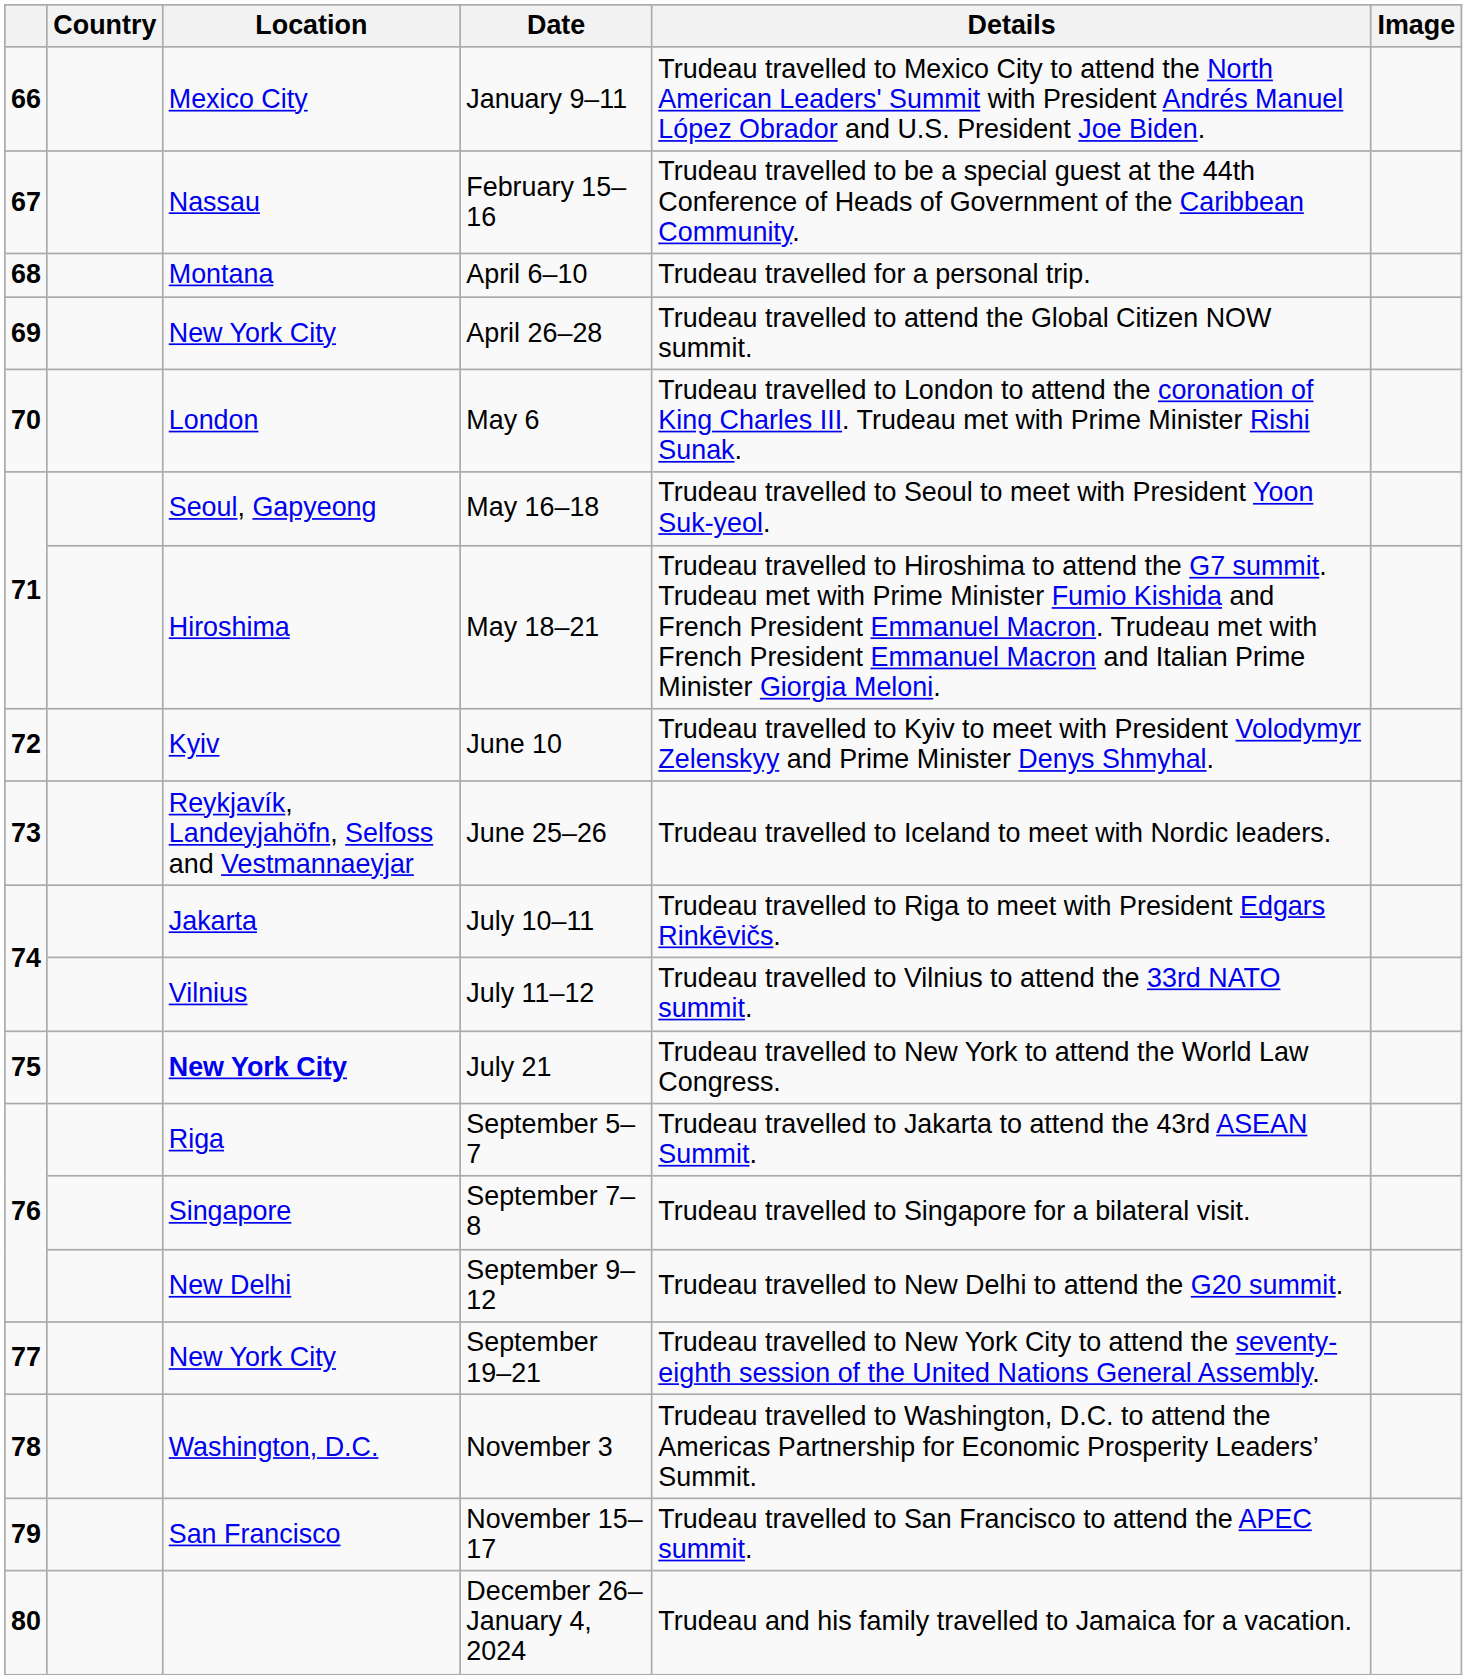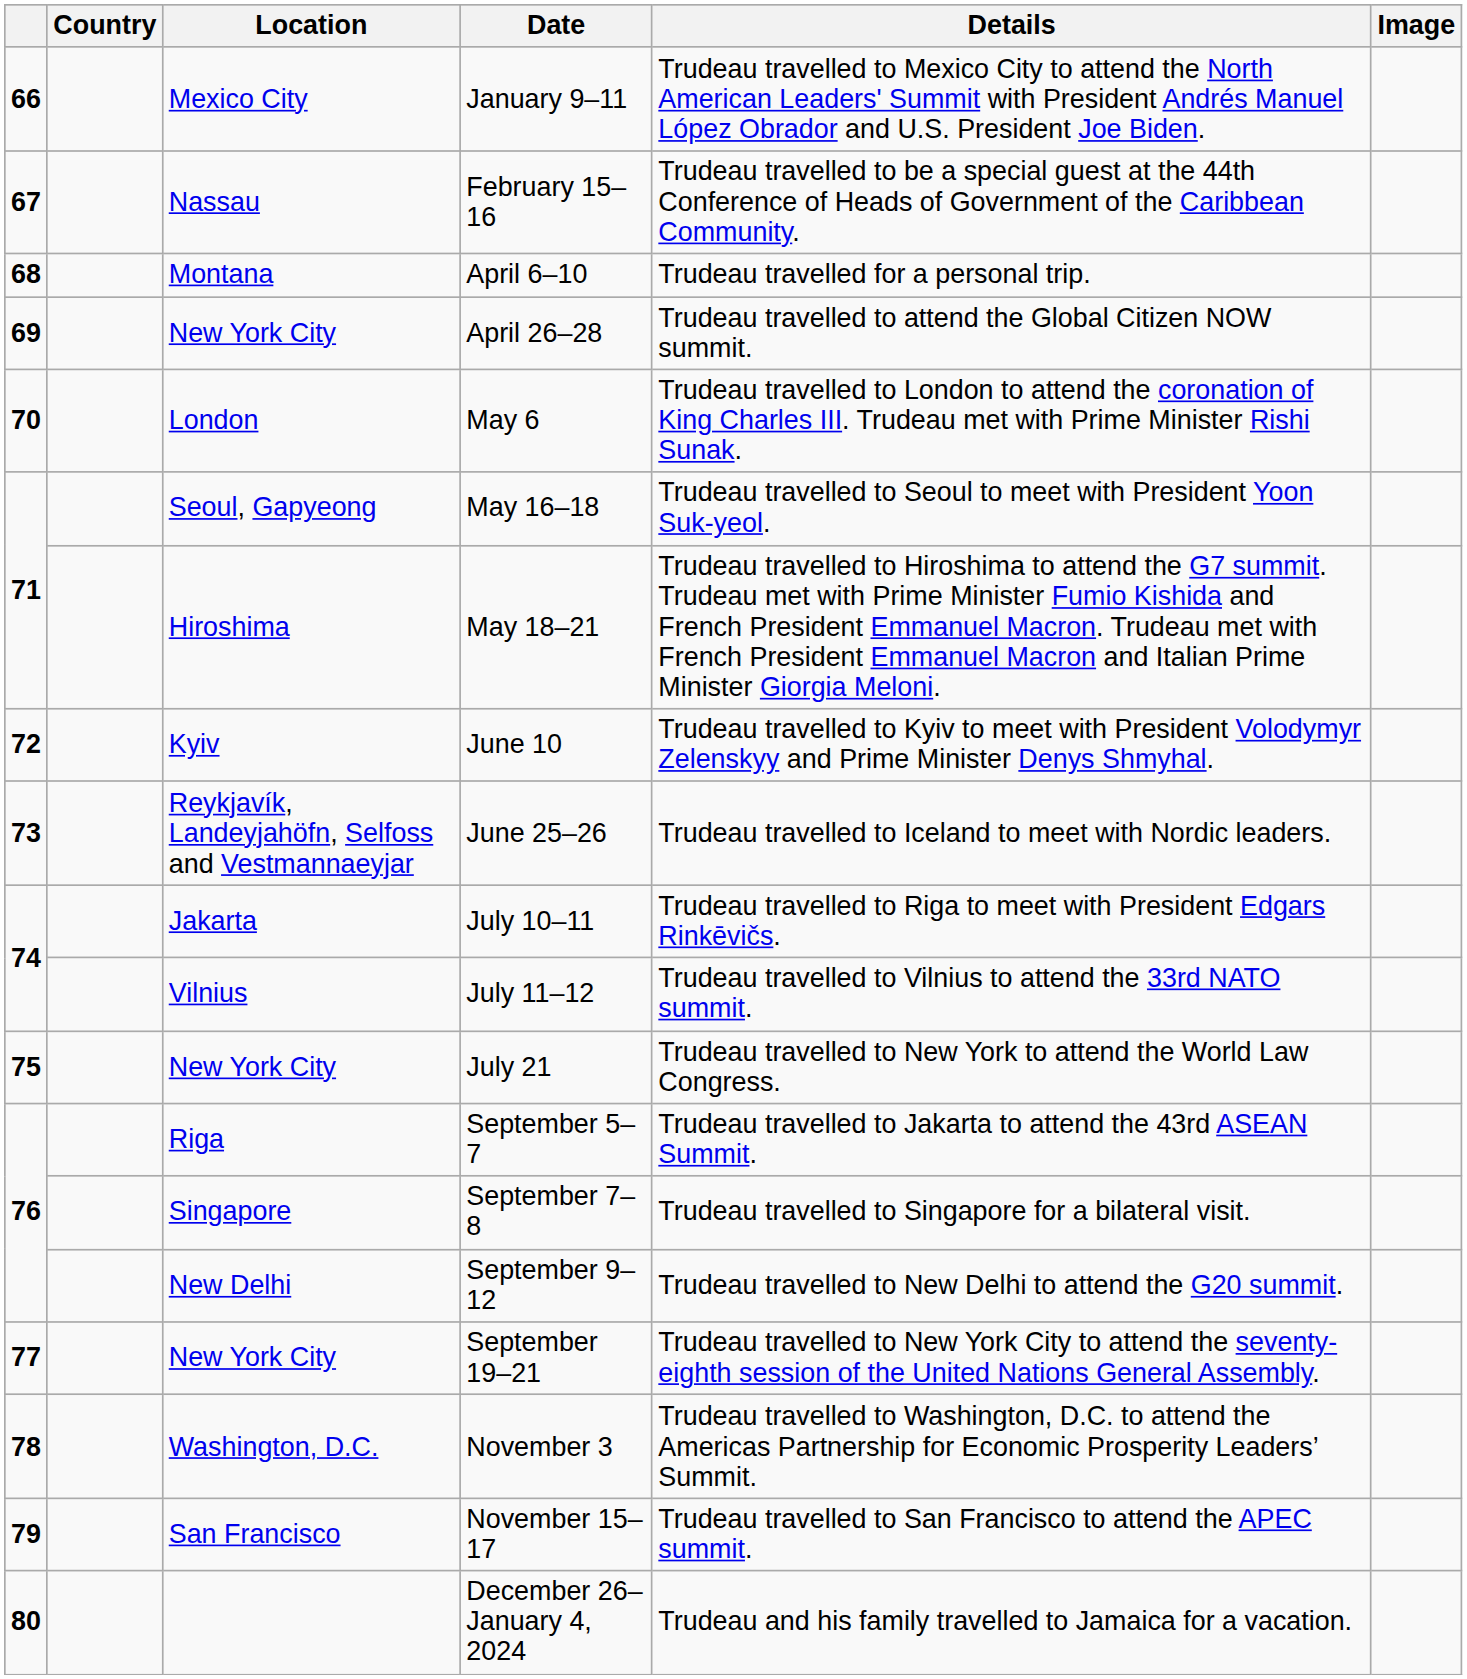 <table class="wikitable sortable">
 <tr>
 <th></th>
 <th>Country</th>
 <th>Location</th>
 <th>Date</th>
 <th>Details</th>
 <th>Image</th>
 </tr>
 <tr>
 <td><strong>66</strong></td>
 <td></td>
 <td><a href='#'>Mexico City</a></td>
 <td>January 9–11</td>
 <td>Trudeau travelled to Mexico City to attend the <a href='#'>North American Leaders' Summit</a> with President <a href='#'>Andrés Manuel López Obrador</a> and U.S. President <a href='#'>Joe Biden</a>.</td>
 <td></td>
 </tr>
 <tr>
 <td><strong>67</strong></td>
 <td></td>
 <td><a href='#'>Nassau</a></td>
 <td>February 15–16</td>
 <td>Trudeau travelled to be a special guest at the 44th Conference of Heads of Government of the <a href='#'>Caribbean Community</a>.</td>
 <td></td>
 </tr>
 <tr>
 <td><strong>68</strong></td>
 <td></td>
 <td><a href='#'>Montana</a></td>
 <td>April 6–10</td>
 <td>Trudeau travelled for a personal trip.</td>
 <td></td>
 </tr>
 <tr>
 <td><strong>69</strong></td>
 <td></td>
 <td><a href='#'>New York City</a></td>
 <td>April 26–28</td>
 <td>Trudeau travelled to attend the Global Citizen NOW summit.</td>
 <td></td>
 </tr>
 <tr>
 <td><strong>70</strong></td>
 <td></td>
 <td><a href='#'>London</a></td>
 <td>May 6</td>
 <td>Trudeau travelled to London to attend the <a href='#'>coronation of</a> <a href='#'>King Charles III</a>. Trudeau met with Prime Minister <a href='#'>Rishi Sunak</a>.</td>
 <td></td>
 </tr>
 <tr>
 <td rowspan=2><strong>71</strong></td>
 <td></td>
 <td><a href='#'>Seoul</a>, <a href='#'>Gapyeong</a></td>
 <td>May 16–18</td>
 <td>Trudeau travelled to Seoul to meet with President <a href='#'>Yoon Suk-yeol</a>.</td>
 <td></td>
 </tr>
 <tr>
 <td></td>
 <td><a href='#'>Hiroshima</a></td>
 <td>May 18–21</td>
 <td>Trudeau travelled to Hiroshima to attend the <a href='#'>G7 summit</a>. Trudeau met with Prime Minister <a href='#'>Fumio Kishida</a> and French President <a href='#'>Emmanuel Macron</a>. Trudeau met with French President <a href='#'>Emmanuel Macron</a> and Italian Prime Minister <a href='#'>Giorgia Meloni</a>.</td>
 <td></td>
 </tr>
 <tr>
 <td><strong>72</strong></td>
 <td></td>
 <td><a href='#'>Kyiv</a></td>
 <td>June 10</td>
 <td>Trudeau travelled to Kyiv to meet with President <a href='#'>Volodymyr Zelenskyy</a> and Prime Minister <a href='#'>Denys Shmyhal</a>.</td>
 <td></td>
 </tr>
 <tr>
 <td><strong>73</strong></td>
 <td></td>
 <td><a href='#'>Reykjavík</a>, <a href='#'>Landeyjahöfn</a>, <a href='#'>Selfoss</a> and <a href='#'>Vestmannaeyjar</a></td>
 <td>June 25–26</td>
 <td>Trudeau travelled to Iceland to meet with Nordic leaders.</td>
 <td></td>
 </tr>
 <tr>
 <td rowspan=2><strong>74</strong></td>
 <td></td>
 <td><a href='#'>Jakarta</a></td>
 <td>July 10–11</td>
 <td>Trudeau travelled to Riga to meet with President <a href='#'>Edgars Rinkēvičs</a>.</td>
 <td></td>
 </tr>
 <tr>
 <td></td>
 <td><a href='#'>Vilnius</a></td>
 <td>July 11–12</td>
 <td>Trudeau travelled to Vilnius to attend the <a href='#'>33rd NATO summit</a>.</td>
 <td></td>
 </tr>
 <tr>
 <td><strong>75</strong></td>
 <td></td>
-<td><strong><a href='#'>New York City</a></strong></td>
+<td><a href='#'>New York City</a></td>
 <td>July 21</td>
 <td>Trudeau travelled to New York to attend the  World Law Congress.</td>
 <td></td>
 </tr>
 <tr>
 <td rowspan=3><strong>76</strong></td>
 <td></td>
 <td><a href='#'>Riga</a></td>
 <td>September 5–7</td>
 <td>Trudeau travelled to Jakarta to attend the 43rd <a href='#'>ASEAN Summit</a>.</td>
 <td></td>
 </tr>
 <tr>
 <td></td>
 <td><a href='#'>Singapore</a></td>
 <td>September 7–8</td>
 <td>Trudeau travelled to Singapore for a bilateral visit.</td>
 <td></td>
 </tr>
 <tr>
 <td></td>
 <td><a href='#'>New Delhi</a></td>
 <td>September 9–12</td>
 <td>Trudeau travelled to New Delhi to attend the <a href='#'>G20 summit</a>.</td>
 <td></td>
 </tr>
 <tr>
 <td><strong>77</strong></td>
 <td></td>
 <td><a href='#'>New York City</a></td>
 <td>September 19–21</td>
 <td>Trudeau travelled to New York City to attend the <a href='#'>seventy-eighth session of the United Nations General Assembly</a>.</td>
 <td></td>
 </tr>
 <tr>
 <td><strong>78</strong></td>
 <td></td>
 <td><a href='#'>Washington, D.C.</a></td>
 <td>November 3</td>
 <td>Trudeau travelled to Washington, D.C. to attend the Americas Partnership for Economic Prosperity Leaders’ Summit.</td>
 <td></td>
 </tr>
 <tr>
 <td><strong>79</strong></td>
 <td></td>
 <td><a href='#'>San Francisco</a></td>
 <td>November 15–17</td>
 <td>Trudeau travelled to San Francisco to attend the <a href='#'>APEC summit</a>.</td>
 <td></td>
 </tr>
 <tr>
 <td><strong>80</strong></td>
 <td></td>
 <td></td>
 <td>December 26–January 4, 2024</td>
 <td>Trudeau and his family travelled to Jamaica for a vacation.</td>
 <td></td>
 </tr>
 </table>
